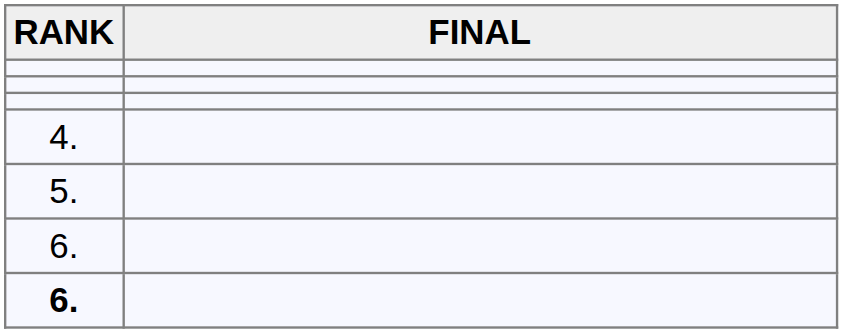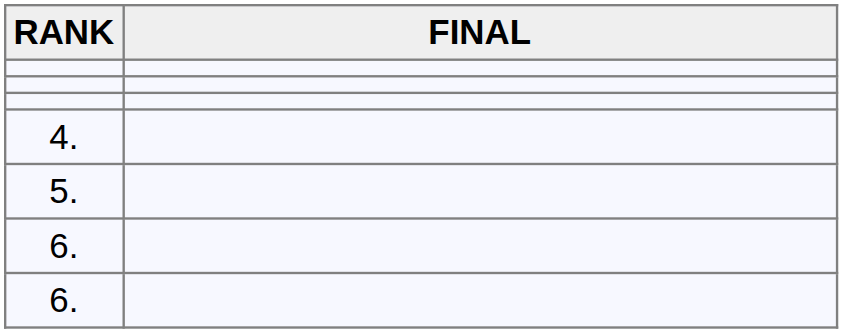 <table cellpadding="3" cellspacing="0" border="1" style="background:#f7f8ff; font-size:92%; border:gray solid 1,5px; border-collapse:collapse;">
 <tr style="background:#efefef;">
 <th>RANK</th>
 <th style="text-align:center; width:20em;">FINAL</th>
 </tr>
 <tr>
 <td style="text-align:center;"></td>
 <td></td>
 </tr>
 <tr>
 <td style="text-align:center;"></td>
 <td></td>
 </tr>
 <tr>
 <td style="text-align:center;"></td>
 <td></td>
 </tr>
 <tr>
 <td style="text-align:center;">4.</td>
 <td></td>
 </tr>
 <tr>
 <td style="text-align:center;">5.</td>
 <td></td>
 </tr>
 <tr>
 <td style="text-align:center;">6.</td>
 <td></td>
 </tr>
 <tr>
-<td style="text-align:center;"><strong>6.</strong></td>
+<td style="text-align:center;">6.</td>
 <td></td>
 </tr>
 </table>
